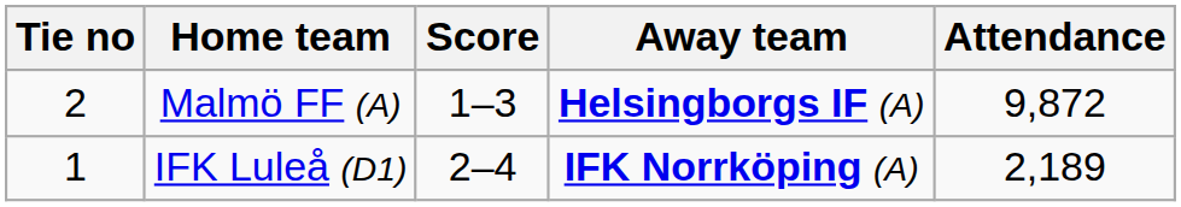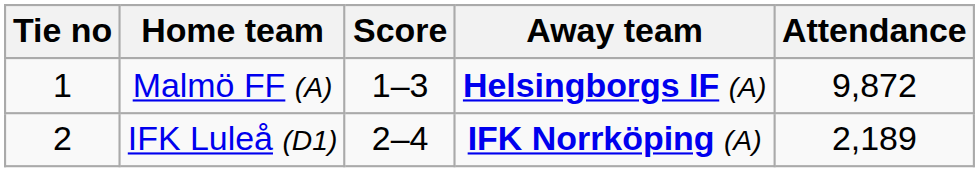 <table class="wikitable" style="text-align:center">
 <tr>
 <th style= style="width:40px;">Tie no</th>
 <th style= style="width:150px;">Home team</th>
 <th style= style="width:60px;">Score</th>
 <th style= style="width:150px;">Away team</th>
 <th style= style="width:30px;">Attendance</th>
 </tr>
 <tr>
-<td>2</td>
+<td>1</td>
 <td><a href='#'>Malmö FF</a> <em><small>(A)</small></em></td>
 <td>1–3</td>
 <td><strong><a href='#'>Helsingborgs IF</a></strong> <em><small>(A)</small></em></td>
 <td>9,872</td>
 </tr>
 <tr>
-<td>1</td>
+<td>2</td>
 <td><a href='#'>IFK Luleå</a> <em><small>(D1)</small></em></td>
 <td>2–4</td>
 <td><strong><a href='#'>IFK Norrköping</a></strong> <em><small>(A)</small></em></td>
 <td>2,189</td>
 </tr>
 </table>
